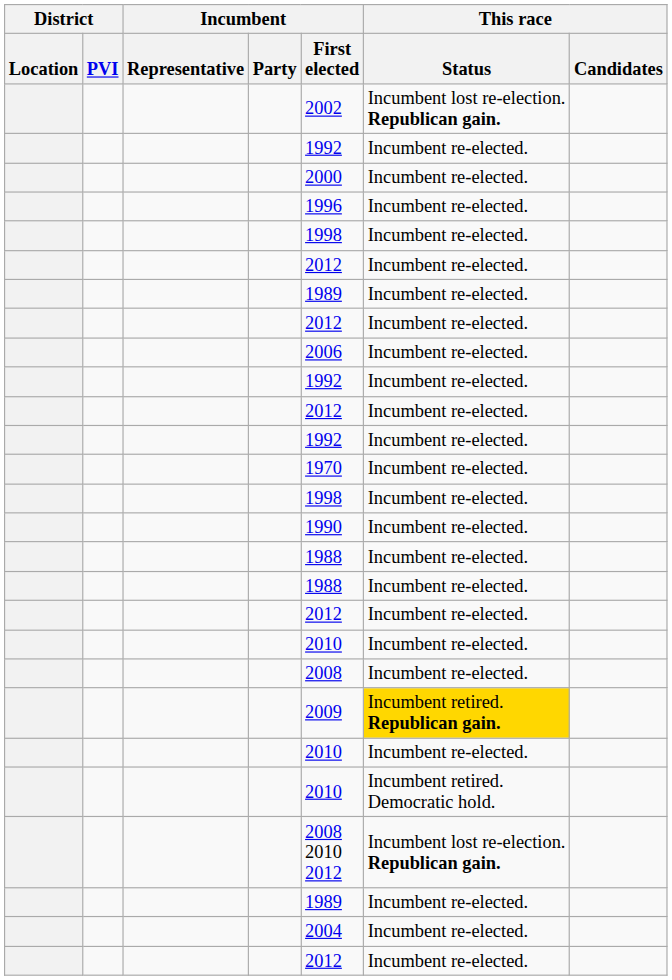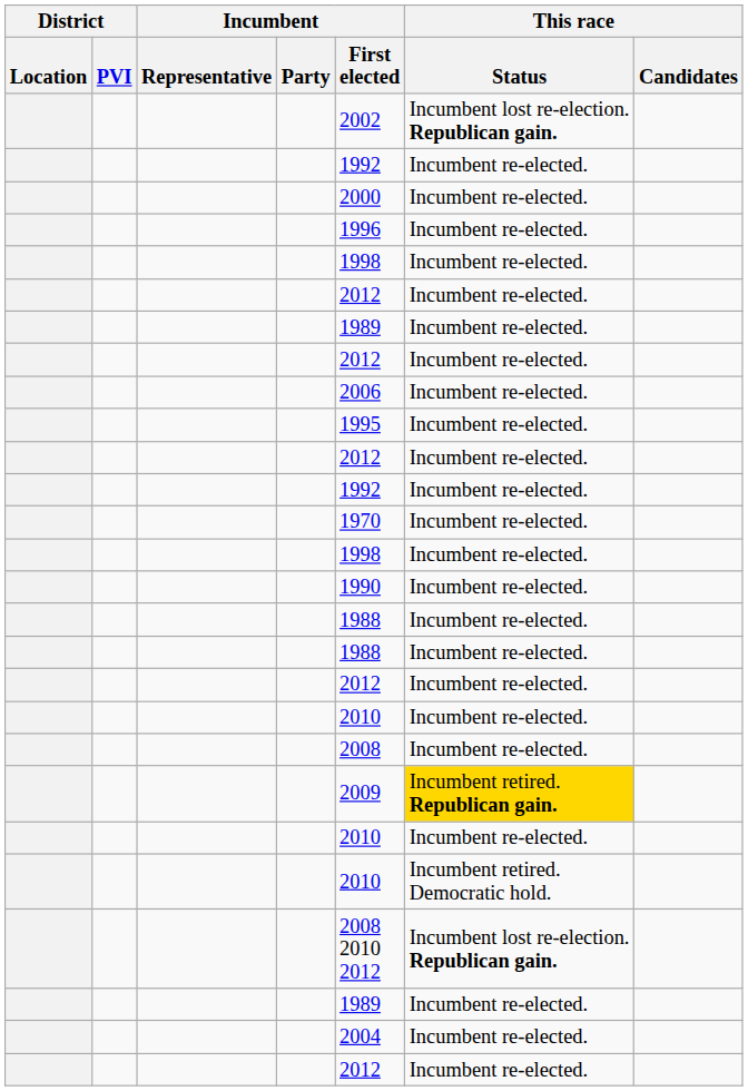 <table class="wikitable sortable">
 <tr valign=bottom>
 <th colspan=2>District</th>
 <th colspan=3>Incumbent</th>
 <th colspan=2>This race</th>
 </tr>
 <tr valign=bottom>
 <th>Location</th>
 <th><a href='#'>PVI</a></th>
 <th>Representative</th>
 <th>Party</th>
 <th>First<br>elected</th>
 <th>Status</th>
 <th>Candidates</th>
 </tr>
 <tr>
 <th></th>
 <td></td>
 <td></td>
 <td></td>
 <td><a href='#'>2002</a></td>
 <td>Incumbent lost re-election.<br><strong>Republican gain.</strong></td>
 <td nowrap></td>
 </tr>
 <tr>
 <th></th>
 <td></td>
 <td></td>
 <td></td>
 <td><a href='#'>1992</a></td>
 <td>Incumbent re-elected.</td>
 <td nowrap></td>
 </tr>
 <tr>
 <th></th>
 <td></td>
 <td></td>
 <td></td>
 <td><a href='#'>2000</a></td>
 <td>Incumbent re-elected.</td>
 <td nowrap></td>
 </tr>
 <tr>
 <th></th>
 <td></td>
 <td></td>
 <td></td>
 <td><a href='#'>1996</a></td>
 <td>Incumbent re-elected.</td>
 <td nowrap></td>
 </tr>
 <tr>
 <th></th>
 <td></td>
 <td></td>
 <td></td>
 <td><a href='#'>1998</a></td>
 <td>Incumbent re-elected.</td>
 <td nowrap></td>
 </tr>
 <tr>
 <th></th>
 <td></td>
 <td></td>
 <td></td>
 <td><a href='#'>2012</a></td>
 <td>Incumbent re-elected.</td>
 <td nowrap></td>
 </tr>
 <tr>
 <th></th>
 <td></td>
 <td></td>
 <td></td>
 <td><a href='#'>1989</a></td>
 <td>Incumbent re-elected.</td>
 <td nowrap></td>
 </tr>
 <tr>
 <th></th>
 <td></td>
 <td></td>
 <td></td>
 <td><a href='#'>2012</a></td>
 <td>Incumbent re-elected.</td>
 <td nowrap></td>
 </tr>
 <tr>
 <th></th>
 <td></td>
 <td></td>
 <td></td>
 <td><a href='#'>2006</a></td>
 <td>Incumbent re-elected.</td>
 <td nowrap></td>
 </tr>
 <tr>
 <th></th>
 <td></td>
 <td></td>
 <td></td>
-<td><a href='#'>1992</a></td>
+<td><a href='#'>1995</a></td>
 <td>Incumbent re-elected.</td>
 <td nowrap></td>
 </tr>
 <tr>
 <th></th>
 <td></td>
 <td></td>
 <td></td>
 <td><a href='#'>2012</a></td>
 <td>Incumbent re-elected.</td>
 <td nowrap></td>
 </tr>
 <tr>
 <th></th>
 <td></td>
 <td></td>
 <td></td>
 <td><a href='#'>1992</a></td>
 <td>Incumbent re-elected.</td>
 <td nowrap></td>
 </tr>
 <tr>
 <th></th>
 <td></td>
 <td></td>
 <td></td>
 <td><a href='#'>1970</a></td>
 <td>Incumbent re-elected.</td>
 <td nowrap></td>
 </tr>
 <tr>
 <th></th>
 <td></td>
 <td></td>
 <td></td>
 <td><a href='#'>1998</a></td>
 <td>Incumbent re-elected.</td>
 <td nowrap></td>
 </tr>
 <tr>
 <th></th>
 <td></td>
 <td></td>
 <td></td>
 <td><a href='#'>1990</a></td>
 <td>Incumbent re-elected.</td>
 <td nowrap></td>
 </tr>
 <tr>
 <th></th>
 <td></td>
 <td></td>
 <td></td>
 <td><a href='#'>1988</a></td>
 <td>Incumbent re-elected.</td>
 <td nowrap></td>
 </tr>
 <tr>
 <th></th>
 <td></td>
 <td></td>
 <td></td>
 <td><a href='#'>1988</a></td>
 <td>Incumbent re-elected.</td>
 <td nowrap></td>
 </tr>
 <tr>
 <th></th>
 <td></td>
 <td></td>
 <td></td>
 <td><a href='#'>2012</a></td>
 <td>Incumbent re-elected.</td>
 <td nowrap></td>
 </tr>
 <tr>
 <th></th>
 <td></td>
 <td></td>
 <td></td>
 <td><a href='#'>2010</a></td>
 <td>Incumbent re-elected.</td>
 <td nowrap></td>
 </tr>
 <tr>
 <th></th>
 <td></td>
 <td></td>
 <td></td>
 <td><a href='#'>2008</a></td>
 <td>Incumbent re-elected.</td>
 <td nowrap></td>
 </tr>
 <tr>
 <th></th>
 <td></td>
 <td></td>
 <td></td>
 <td><a href='#'>2009 </a></td>
 <td style="background: gold;">Incumbent retired.<br><strong>Republican gain.</strong></td>
 <td nowrap></td>
 </tr>
 <tr>
 <th></th>
 <td></td>
 <td></td>
 <td></td>
 <td><a href='#'>2010</a></td>
 <td>Incumbent re-elected.</td>
 <td nowrap></td>
 </tr>
 <tr>
 <th></th>
 <td></td>
 <td></td>
 <td></td>
 <td><a href='#'>2010 </a></td>
 <td>Incumbent retired.<br>Democratic hold.</td>
 <td nowrap></td>
 </tr>
 <tr>
 <th></th>
 <td></td>
 <td></td>
 <td></td>
 <td><a href='#'>2008</a><br>2010 <br><a href='#'>2012</a></td>
 <td>Incumbent lost re-election.<br><strong>Republican gain.</strong></td>
 <td nowrap></td>
 </tr>
 <tr>
 <th></th>
 <td></td>
 <td></td>
 <td></td>
 <td><a href='#'>1989</a></td>
 <td>Incumbent re-elected.</td>
 <td nowrap></td>
 </tr>
 <tr>
 <th></th>
 <td></td>
 <td></td>
 <td></td>
 <td><a href='#'>2004</a></td>
 <td>Incumbent re-elected.</td>
 <td nowrap></td>
 </tr>
 <tr>
 <th></th>
 <td></td>
 <td></td>
 <td></td>
 <td><a href='#'>2012</a></td>
 <td>Incumbent re-elected.</td>
 <td nowrap></td>
 </tr>
 </table>
